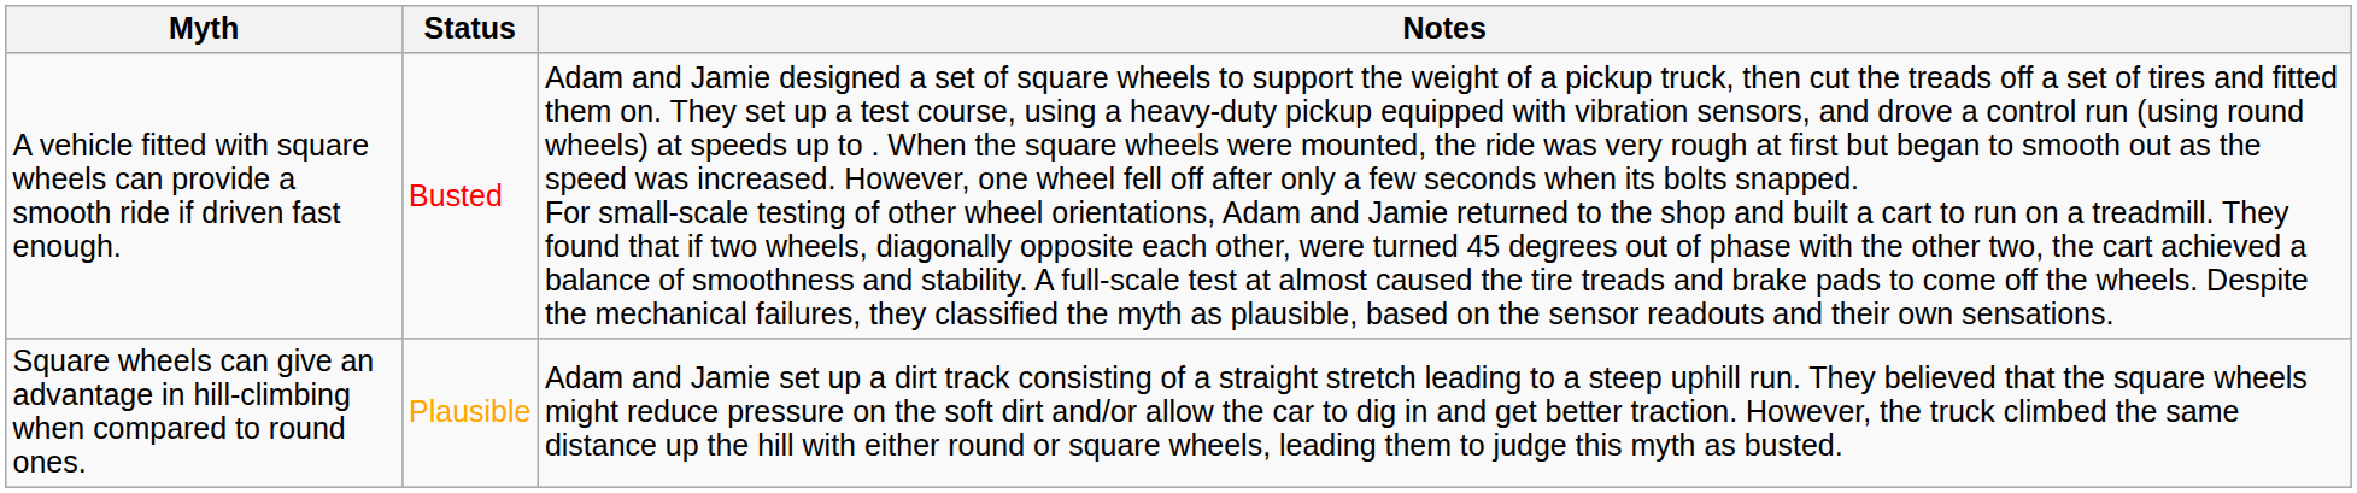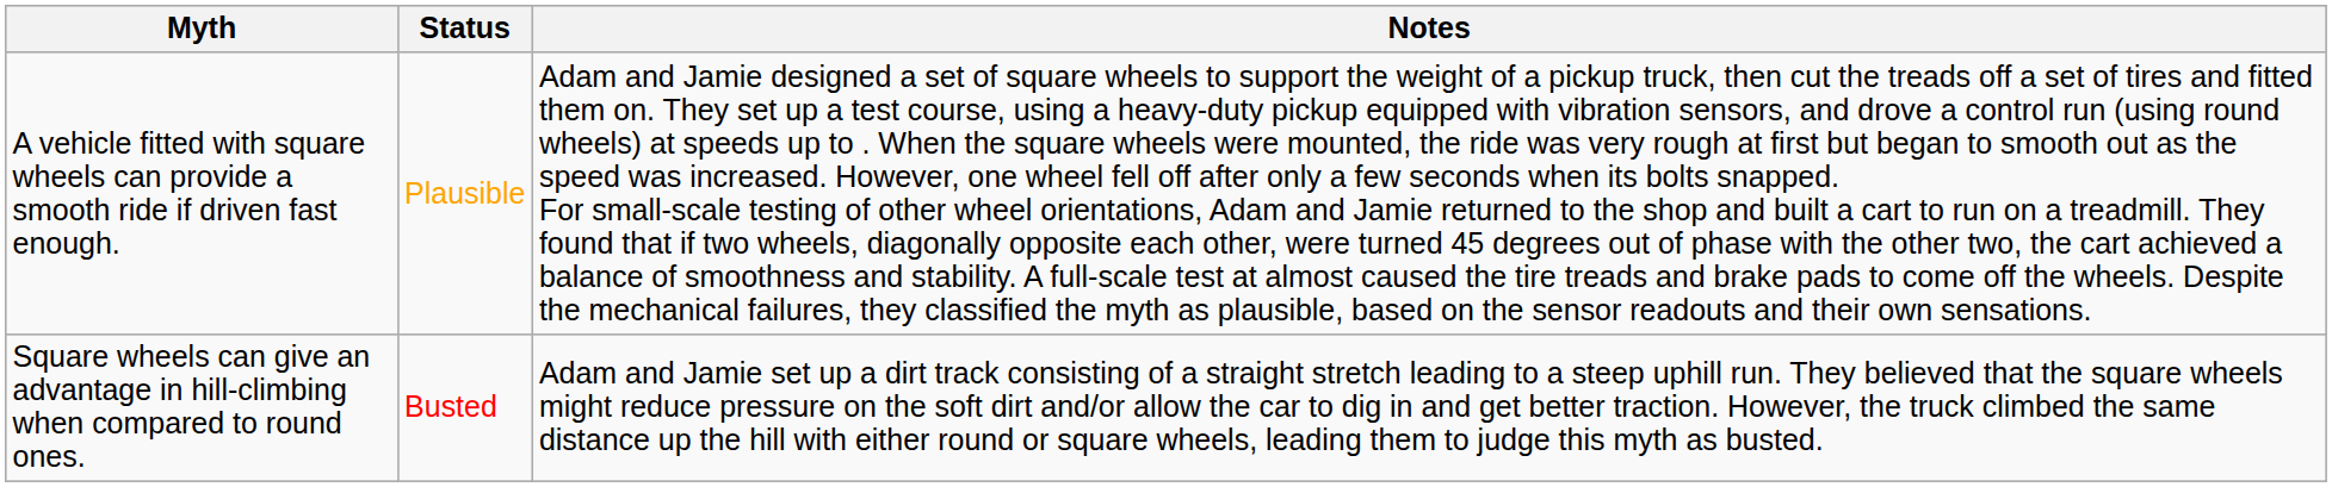 <table class="wikitable plainrowheaders">
 <tr>
 <th>Myth</th>
 <th>Status</th>
 <th>Notes</th>
 </tr>
 <tr>
 <td>A vehicle fitted with square wheels can provide a smooth ride if driven fast enough.</td>
-<td style="color:red">Busted</td>
+<td style="color:orange">Plausible</td>
 <td>Adam and Jamie designed a set of square wheels to support the weight of a pickup truck, then cut the treads off a set of tires and fitted them on. They set up a test course, using a heavy-duty pickup equipped with vibration sensors, and drove a control run (using round wheels) at speeds up to . When the square wheels were mounted, the ride was very rough at first but began to smooth out as the speed was increased. However, one wheel fell off after only a few seconds when its bolts snapped.<br>For small-scale testing of other wheel orientations, Adam and Jamie returned to the shop and built a cart to run on a treadmill. They found that if two wheels, diagonally opposite each other, were turned 45 degrees out of phase with the other two, the cart achieved a balance of smoothness and stability. A full-scale test at almost  caused the tire treads and brake pads to come off the wheels. Despite the mechanical failures, they classified the myth as plausible, based on the sensor readouts and their own sensations.</td>
 </tr>
 <tr>
 <td>Square wheels can give an advantage in hill-climbing when compared to round ones.</td>
-<td style="color:orange">Plausible</td>
+<td style="color:red">Busted</td>
 <td>Adam and Jamie set up a dirt track consisting of a straight stretch leading to a steep uphill run. They believed that the square wheels might reduce pressure on the soft dirt and/or allow the car to dig in and get better traction. However, the truck climbed the same distance up the hill with either round or square wheels, leading them to judge this myth as busted.</td>
 </tr>
 </table>
